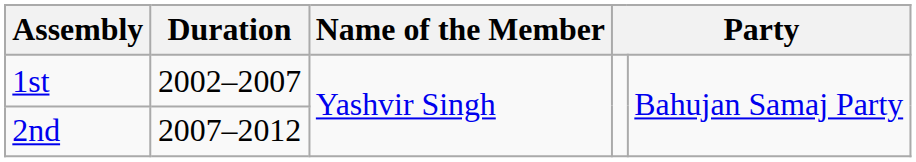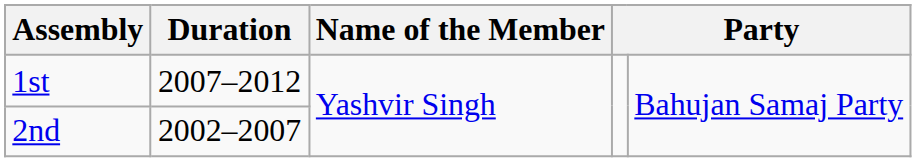 <table class="wikitable sortable">
 <tr>
 <th>Assembly</th>
 <th>Duration</th>
 <th>Name of the Member</th>
 <th colspan=2>Party</th>
 </tr>
 <tr>
 <td><a href='#'>1st</a></td>
-<td>2002–2007</td>
+<td>2007–2012</td>
 <td rowspan=2><a href='#'>Yashvir Singh</a></td>
 <td rowspan=2 style="background:"></td>
 <td rowspan=2><a href='#'>Bahujan Samaj Party</a></td>
 </tr>
 <tr>
 <td><a href='#'>2nd</a></td>
-<td>2007–2012</td>
+<td>2002–2007</td>
 </tr>
 </table>
